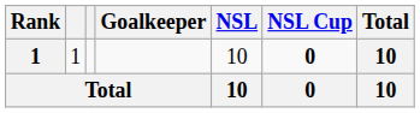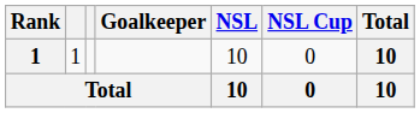 <table class="wikitable sortable" style="text-align:center">
 <tr>
 <th>Rank</th>
 <th></th>
 <th></th>
 <th>Goalkeeper</th>
 <th><a href='#'>NSL</a></th>
 <th><a href='#'>NSL Cup</a></th>
 <th>Total</th>
 </tr>
 <tr>
 <th>1</th>
 <td>1</td>
 <td></td>
 <td align="left"></td>
 <td>10</td>
-<td><strong>0</strong></td>
+<td>0</td>
 <th>10</th>
 </tr>
 <tr>
 <th colspan="4">Total</th>
 <th>10</th>
 <th>0</th>
 <th>10</th>
 </tr>
 </table>
